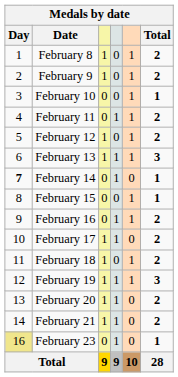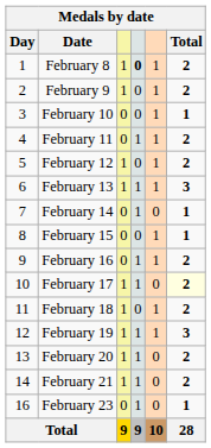 <table class=wikitable style="font-size:85%;text-align:center;float:right;clear:right;">
 <tr>
 <th colspan=6>Medals by date</th>
 </tr>
 <tr>
 <th>Day</th>
 <th>Date</th>
 <td bgcolor=#f7f6a8></td>
 <td bgcolor=#dce5e5></td>
 <td bgcolor=#ffdab9></td>
 <th>Total</th>
 </tr>
 <tr>
 <td>1</td>
 <td>February 8</td>
 <td bgcolor=F7F6A8>1</td>
-<td bgcolor=DCE5E5>0</td>
+<td bgcolor=DCE5E5><strong>0</strong></td>
 <td bgcolor=FFDAB9>1</td>
 <td><strong>2</strong></td>
 </tr>
 <tr>
 <td>2</td>
 <td>February 9</td>
 <td bgcolor=F7F6A8>1</td>
 <td bgcolor=DCE5E5>0</td>
 <td bgcolor=FFDAB9>1</td>
 <td><strong>2</strong></td>
 </tr>
 <tr>
 <td>3</td>
 <td>February 10</td>
 <td bgcolor=F7F6A8>0</td>
 <td bgcolor=DCE5E5>0</td>
 <td bgcolor=FFDAB9>1</td>
 <td><strong>1</strong></td>
 </tr>
 <tr>
 <td>4</td>
 <td>February 11</td>
 <td bgcolor=F7F6A8>0</td>
 <td bgcolor=DCE5E5>1</td>
 <td bgcolor=FFDAB9>1</td>
 <td><strong>2</strong></td>
 </tr>
 <tr>
 <td>5</td>
 <td>February 12</td>
 <td bgcolor=F7F6A8>1</td>
 <td bgcolor=DCE5E5>0</td>
 <td bgcolor=FFDAB9>1</td>
 <td><strong>2</strong></td>
 </tr>
 <tr>
 <td>6</td>
 <td>February 13</td>
 <td bgcolor=F7F6A8>1</td>
 <td bgcolor=DCE5E5>1</td>
 <td bgcolor=FFDAB9>1</td>
 <td><strong>3</strong></td>
 </tr>
 <tr>
-<td><strong>7</strong></td>
+<td>7</td>
 <td>February 14</td>
 <td bgcolor=F7F6A8>0</td>
 <td bgcolor=DCE5E5>1</td>
 <td bgcolor=FFDAB9>0</td>
 <td><strong>1</strong></td>
 </tr>
 <tr>
 <td>8</td>
 <td>February 15</td>
 <td bgcolor=F7F6A8>0</td>
 <td bgcolor=DCE5E5>0</td>
 <td bgcolor=FFDAB9>1</td>
 <td><strong>1</strong></td>
 </tr>
 <tr>
 <td>9</td>
 <td>February 16</td>
 <td bgcolor=F7F6A8>0</td>
 <td bgcolor=DCE5E5>1</td>
 <td bgcolor=FFDAB9>1</td>
 <td><strong>2</strong></td>
 </tr>
 <tr>
 <td>10</td>
 <td>February 17</td>
 <td bgcolor=F7F6A8>1</td>
 <td bgcolor=DCE5E5>1</td>
 <td bgcolor=FFDAB9>0</td>
-<td><strong>2</strong></td>
+<td style="background: lightyellow;"><strong>2</strong></td>
 </tr>
 <tr>
 <td>11</td>
 <td>February 18</td>
 <td bgcolor=F7F6A8>1</td>
 <td bgcolor=DCE5E5>0</td>
 <td bgcolor=FFDAB9>1</td>
 <td><strong>2</strong></td>
 </tr>
 <tr>
 <td>12</td>
 <td>February 19</td>
 <td bgcolor=F7F6A8>1</td>
 <td bgcolor=DCE5E5>1</td>
 <td bgcolor=FFDAB9>1</td>
 <td><strong>3</strong></td>
 </tr>
 <tr>
 <td>13</td>
 <td>February 20</td>
 <td bgcolor=F7F6A8>1</td>
 <td bgcolor=DCE5E5>1</td>
 <td bgcolor=FFDAB9>0</td>
 <td><strong>2</strong></td>
 </tr>
 <tr>
 <td>14</td>
 <td>February 21</td>
 <td bgcolor=F7F6A8>1</td>
 <td bgcolor=DCE5E5>1</td>
 <td bgcolor=FFDAB9>0</td>
 <td><strong>2</strong></td>
 </tr>
 <tr>
-<td style="background: khaki;">16</td>
+<td>16</td>
 <td>February 23</td>
 <td bgcolor=F7F6A8>0</td>
 <td bgcolor=DCE5E5>1</td>
 <td bgcolor=FFDAB9>0</td>
 <td><strong>1</strong></td>
 </tr>
 <tr>
 <th colspan=2>Total</th>
 <th style=background:gold>9</th>
 <th style=background:silver>9</th>
 <th style=background:#c96>10</th>
 <th>28</th>
 </tr>
 </table>
